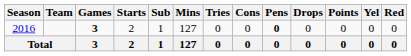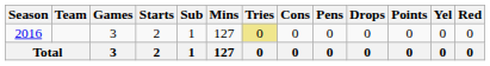 <table class="wikitable" style="text-align:center; line-height:90%; font-size:95%; width:60%;">
 <tr>
 <th>Season</th>
 <th>Team</th>
 <th>Games</th>
 <th>Starts</th>
 <th>Sub</th>
 <th>Mins</th>
 <th>Tries</th>
 <th>Cons</th>
 <th>Pens</th>
 <th>Drops</th>
 <th>Points</th>
 <th>Yel</th>
 <th>Red</th>
 </tr>
 <tr>
 <td><a href='#'>2016</a></td>
 <td></td>
-<td><strong>3</strong></td>
+<td>3</td>
 <td>2</td>
 <td>1</td>
 <td>127</td>
+<td style="background: khaki;">0</td>
 <td>0</td>
 <td>0</td>
-<td><strong>0</strong></td>
 <td>0</td>
 <td>0</td>
 <td>0</td>
 <td>0</td>
 </tr>
 <tr>
 <th colspan="2">Total</th>
 <th>3</th>
 <th>2</th>
 <th>1</th>
 <th>127</th>
 <th>0</th>
 <th>0</th>
 <th>0</th>
 <th>0</th>
 <th>0</th>
 <th>0</th>
 <th>0</th>
 </tr>
 </table>
